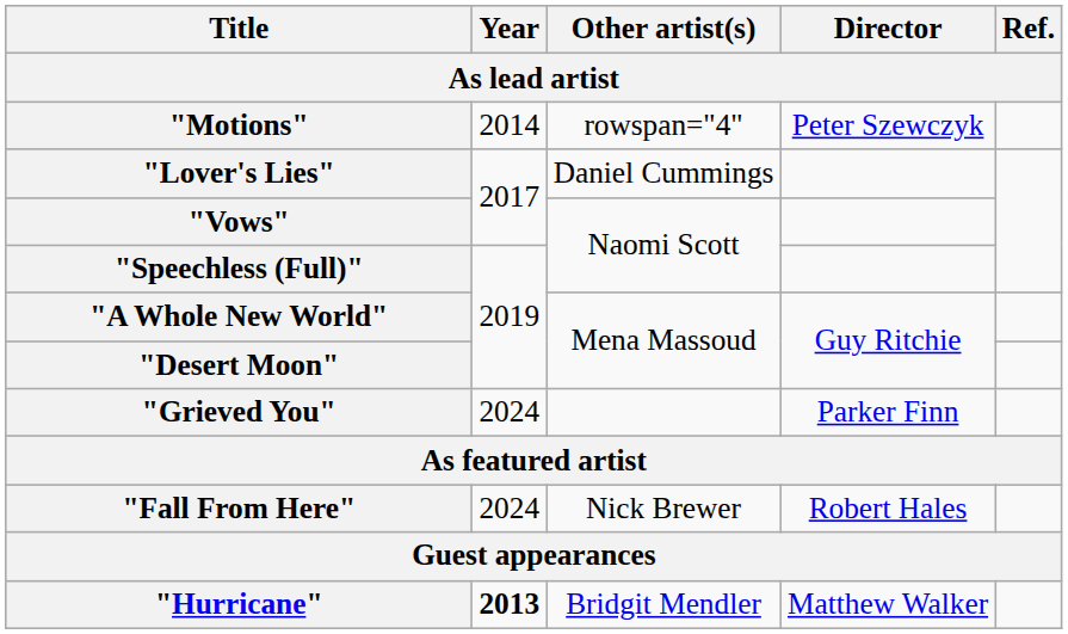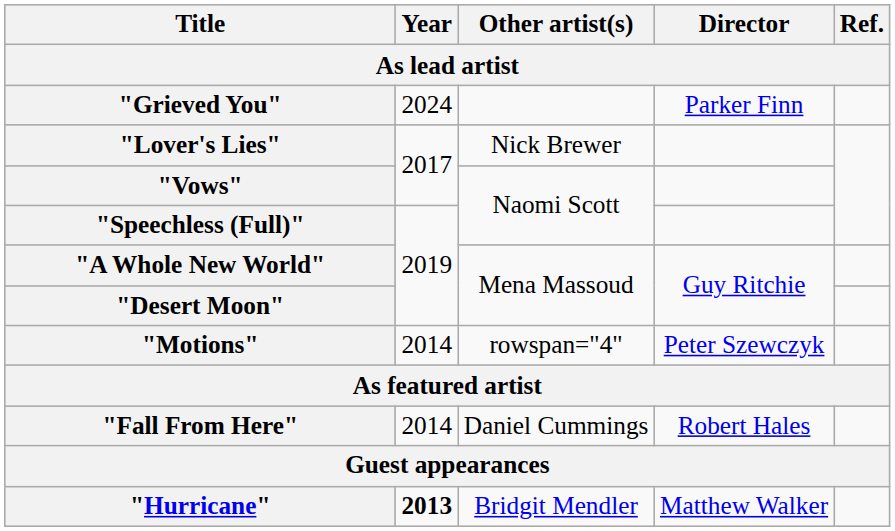 <table class="wikitable plainrowheaders" style="text-align:center;">
 <tr>
 <th scope="col" style="width:15em;">Title</th>
 <th>Year</th>
 <th>Other artist(s)</th>
 <th>Director</th>
 <th>Ref.</th>
 </tr>
 <tr>
 <th scope="col" colspan="5">As lead artist</th>
 </tr>
 <tr>
-<th scope="row">"Motions"</th>
-<td>2014</td>
-<td>rowspan="4" </td>
-<td><a href='#'>Peter Szewczyk</a></td>
+<th scope='row'>"Grieved You"</th>
+<td>2024</td>
+<td></td>
+<td><a href='#'>Parker Finn</a></td>
 <td style="text-align:center;"></td>
 </tr>
 <tr>
 <th scope="row">"Lover's Lies"</th>
 <td rowspan=2>2017</td>
-<td>Daniel Cummings</td>
+<td>Nick Brewer</td>
 <td style="text-align:center;"></td>
 </tr>
 <tr>
 <th scope="row">"Vows"</th>
 <td rowspan="2">Naomi Scott</td>
 <td style="text-align:center;"></td>
 </tr>
 <tr>
 <th scope='row'>"Speechless (Full)"</th>
 <td rowspan=3>2019</td>
 <td style="text-align:center;"></td>
 </tr>
 <tr>
 <th scope='row'>"A Whole New World"</th>
 <td rowspan="2">Mena Massoud</td>
 <td rowspan="2"><a href='#'>Guy Ritchie</a></td>
 <td style="text-align:center;"></td>
 </tr>
 <tr>
 <th scope='row'>"Desert Moon"</th>
 <td style="text-align:center;"></td>
 </tr>
 <tr>
-<th scope='row'>"Grieved You"</th>
-<td>2024</td>
-<td></td>
-<td><a href='#'>Parker Finn</a></td>
+<th scope="row">"Motions"</th>
+<td>2014</td>
+<td>rowspan="4" </td>
+<td><a href='#'>Peter Szewczyk</a></td>
 <td style="text-align:center;"></td>
 </tr>
 <tr>
 <th scope="col" colspan="5">As featured artist</th>
 </tr>
 <tr>
 <th scope="row">"Fall From Here"</th>
-<td>2024</td>
-<td>Nick Brewer</td>
+<td>2014</td>
+<td>Daniel Cummings</td>
 <td><a href='#'>Robert Hales</a></td>
 <td style="text-align:center;"></td>
 </tr>
 <tr>
 <th scope="col" colspan="5">Guest appearances</th>
 </tr>
 <tr>
 <th scope="row">"<a href='#'>Hurricane</a>"</th>
 <td><strong>2013</strong></td>
 <td><a href='#'>Bridgit Mendler</a></td>
 <td><a href='#'>Matthew Walker</a></td>
 <td style="text-align:center;"></td>
 </tr>
 </table>
